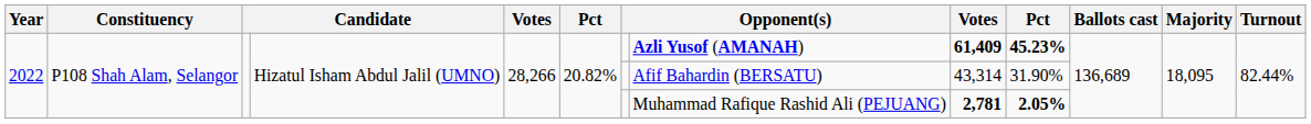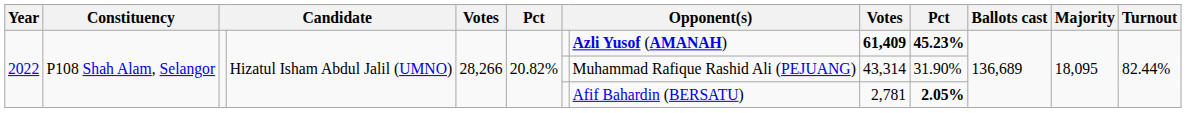 <table class="wikitable" style="margin:0.5em ; font-size:95%">
 <tr>
 <th>Year</th>
 <th>Constituency</th>
 <th colspan="2">Candidate</th>
 <th>Votes</th>
 <th>Pct</th>
 <th colspan="2">Opponent(s)</th>
 <th>Votes</th>
 <th>Pct</th>
 <th>Ballots cast</th>
 <th>Majority</th>
 <th>Turnout</th>
 </tr>
 <tr>
 <td rowspan="3"><a href='#'>2022</a></td>
 <td rowspan="3">P108 <a href='#'>Shah Alam</a>, <a href='#'>Selangor</a></td>
 <td rowspan="3" ></td>
 <td rowspan="3">Hizatul Isham Abdul Jalil (<a href='#'>UMNO</a>)</td>
 <td rowspan="3">28,266</td>
 <td rowspan="3">20.82%</td>
 <td></td>
 <td><strong><a href='#'>Azli Yusof</a></strong> (<a href='#'><strong>AMANAH</strong></a>)</td>
 <td><strong>61,409</strong></td>
 <td><strong>45.23%</strong></td>
 <td rowspan="3">136,689</td>
 <td rowspan="3">18,095</td>
 <td rowspan="3">82.44%</td>
 </tr>
 <tr>
 <td></td>
-<td><a href='#'>Afif Bahardin</a> (<a href='#'>BERSATU</a>)</td>
+<td>Muhammad Rafique Rashid Ali (<a href='#'>PEJUANG</a>)</td>
 <td>43,314</td>
 <td>31.90%</td>
 </tr>
 <tr>
 <td bgcolor=></td>
-<td>Muhammad Rafique Rashid Ali (<a href='#'>PEJUANG</a>)</td>
-<td align=right><strong>2,781</strong></td>
+<td><a href='#'>Afif Bahardin</a> (<a href='#'>BERSATU</a>)</td>
+<td align=right>2,781</td>
 <td align=right><strong>2.05%</strong></td>
 </tr>
 </table>
